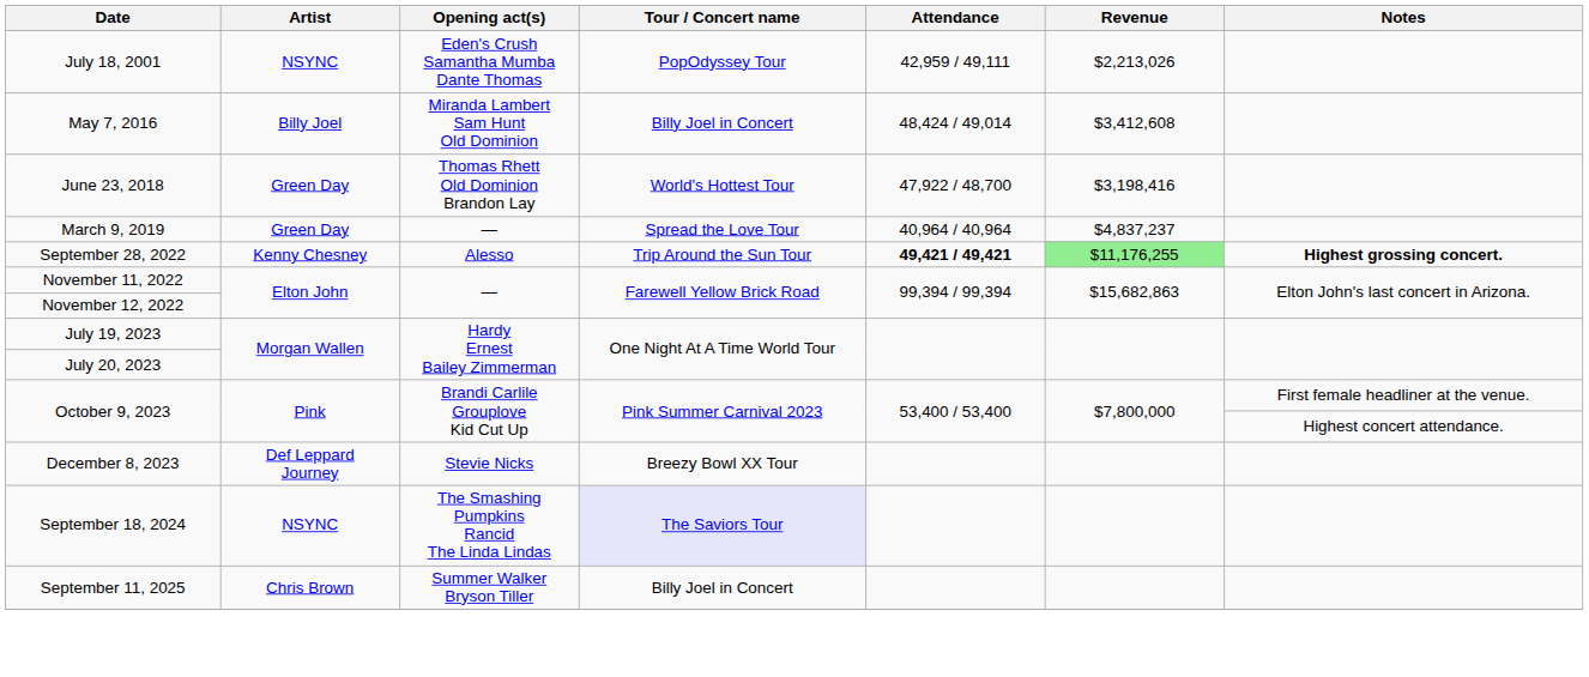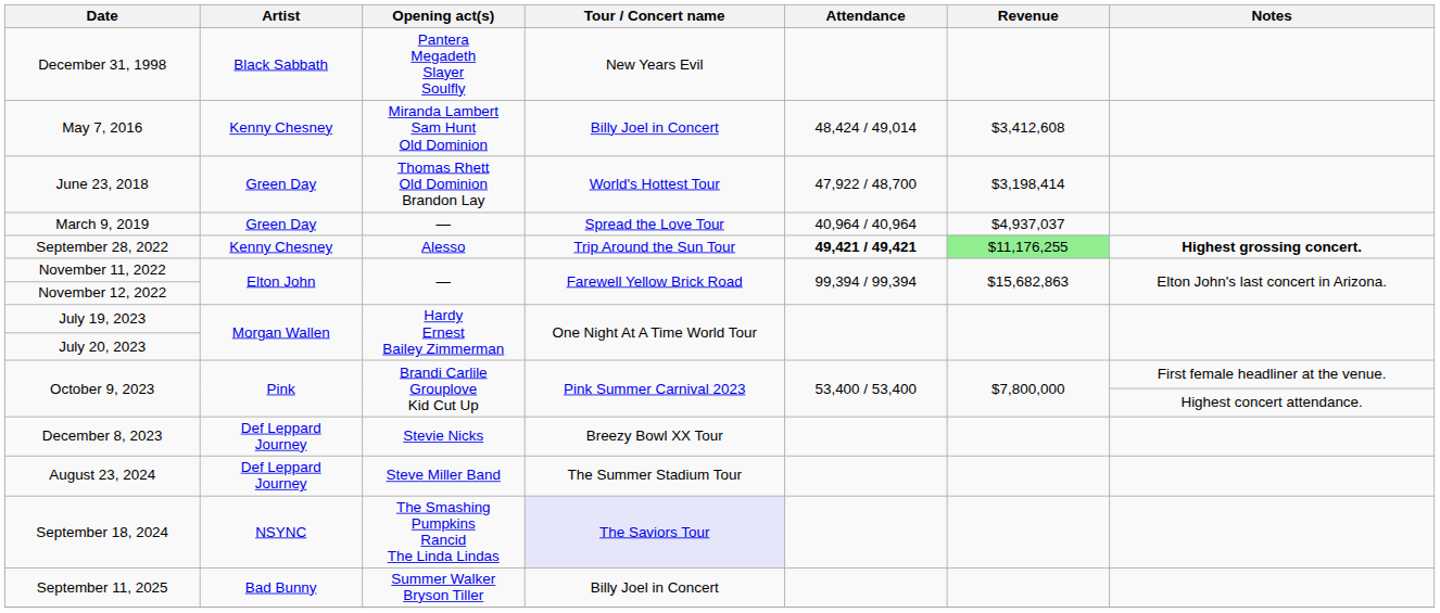 <table class="wikitable" style="text-align:center;">
 <tr>
 <th width=12% style="text-align:center;">Date</th>
 <th width=10% style="text-align:center;">Artist</th>
 <th width=10% style="text-align:center;">Opening act(s)</th>
 <th width=16% style="text-align:center;">Tour / Concert name</th>
 <th width=10% style="text-align:center;">Attendance</th>
 <th width=10% style="text-align:center;">Revenue</th>
 <th width=20% style="text-align:center;">Notes</th>
 </tr>
 <tr>
-<td>July 18, 2001</td>
-<td><a href='#'>NSYNC</a></td>
-<td><a href='#'>Eden's Crush</a><br><a href='#'>Samantha Mumba</a><br><a href='#'>Dante Thomas</a></td>
-<td><a href='#'>PopOdyssey Tour</a></td>
-<td>42,959 / 49,111</td>
-<td>$2,213,026</td>
+<td>December 31, 1998</td>
+<td><a href='#'>Black Sabbath</a></td>
+<td><a href='#'>Pantera</a><br><a href='#'>Megadeth</a><br><a href='#'>Slayer</a><br><a href='#'>Soulfly</a></td>
+<td>New Years Evil</td>
+<td></td>
+<td></td>
 <td></td>
 </tr>
 <tr>
 <td>May 7, 2016</td>
-<td><a href='#'>Billy Joel</a></td>
+<td><a href='#'>Kenny Chesney</a></td>
 <td><a href='#'>Miranda Lambert</a><br><a href='#'>Sam Hunt</a><br><a href='#'>Old Dominion</a></td>
 <td><a href='#'>Billy Joel in Concert</a></td>
 <td>48,424 / 49,014</td>
 <td>$3,412,608</td>
 <td></td>
 </tr>
 <tr>
 <td>June 23, 2018</td>
 <td><a href='#'>Green Day</a></td>
 <td><a href='#'>Thomas Rhett</a><br><a href='#'>Old Dominion</a><br>Brandon Lay</td>
 <td><a href='#'>World's Hottest Tour</a></td>
 <td>47,922 / 48,700</td>
-<td>$3,198,416</td>
+<td>$3,198,414</td>
 <td></td>
 </tr>
 <tr>
 <td>March 9, 2019</td>
 <td><a href='#'>Green Day</a></td>
 <td>—</td>
 <td><a href='#'>Spread the Love Tour</a></td>
 <td>40,964 / 40,964</td>
-<td>$4,837,237</td>
+<td>$4,937,037</td>
 <td></td>
 </tr>
 <tr>
 <td>September 28, 2022</td>
 <td><a href='#'>Kenny Chesney</a></td>
 <td><a href='#'>Alesso</a></td>
 <td><a href='#'>Trip Around the Sun Tour</a></td>
 <td><strong>49,421 / 49,421</strong></td>
 <td style="background: lightgreen;">$11,176,255</td>
 <td><strong>Highest grossing concert.</strong></td>
 </tr>
 <tr>
 <td>November 11, 2022</td>
 <td rowspan=2><a href='#'>Elton John</a></td>
 <td rowspan=2>—</td>
 <td rowspan=2><a href='#'>Farewell Yellow Brick Road</a></td>
 <td rowspan="2">99,394 / 99,394</td>
 <td rowspan="2">$15,682,863</td>
 <td rowspan="2">Elton John's last concert in Arizona.</td>
 </tr>
 <tr>
 <td>November 12, 2022</td>
 </tr>
 <tr>
 <td>July 19, 2023</td>
 <td rowspan=2><a href='#'>Morgan Wallen</a></td>
 <td rowspan=2><a href='#'>Hardy</a><br><a href='#'>Ernest</a><br><a href='#'>Bailey Zimmerman</a></td>
 <td rowspan=2>One Night At A Time World Tour</td>
 <td rowspan=2></td>
 <td rowspan=2></td>
 <td rowspan=2></td>
 </tr>
 <tr>
 <td>July 20, 2023</td>
 </tr>
 <tr>
 <td rowspan="2">October 9, 2023</td>
 <td rowspan="2"><a href='#'>Pink</a></td>
 <td rowspan="2"><a href='#'>Brandi Carlile</a><br><a href='#'>Grouplove</a><br>Kid Cut Up</td>
 <td rowspan="2"><a href='#'>Pink Summer Carnival 2023</a></td>
 <td rowspan="2">53,400 / 53,400</td>
 <td rowspan="2">$7,800,000</td>
 <td>First female headliner at the venue.</td>
 </tr>
 <tr>
 <td>Highest concert attendance.</td>
 </tr>
 <tr>
 <td>December 8, 2023</td>
 <td><a href='#'>Def Leppard</a><br><a href='#'>Journey</a></td>
 <td><a href='#'>Stevie Nicks</a></td>
 <td>Breezy Bowl XX Tour</td>
 <td></td>
 <td></td>
 <td></td>
 </tr>
 <tr>
+<td>August 23, 2024</td>
+<td><a href='#'>Def Leppard</a><br><a href='#'>Journey</a></td>
+<td><a href='#'>Steve Miller Band</a></td>
+<td>The Summer Stadium Tour</td>
+<td></td>
+<td></td>
+<td></td>
+</tr>
+<tr>
 <td>September 18, 2024</td>
 <td><a href='#'>NSYNC</a></td>
 <td><a href='#'>The Smashing Pumpkins</a><br><a href='#'>Rancid</a><br><a href='#'>The Linda Lindas</a></td>
 <td style="background: lavender;"><a href='#'>The Saviors Tour</a></td>
 <td></td>
 <td></td>
 <td></td>
 </tr>
 <tr>
 <td>September 11, 2025</td>
-<td><a href='#'>Chris Brown</a></td>
+<td><a href='#'>Bad Bunny</a></td>
 <td><a href='#'>Summer Walker</a><br><a href='#'>Bryson Tiller</a></td>
 <td>Billy Joel in Concert</td>
 <td></td>
 <td></td>
 <td></td>
 </tr>
 <tr>
 </tr>
 </table>
